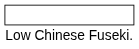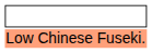 <table style="margin:1em;">
 <tr>
 <td style="border: solid thin; padding: 2px;"><br></td>
 </tr>
 <tr>
-<td style="text-align:center">Low Chinese Fuseki.</td>
+<td style="background: lightsalmon; text-align:center">Low Chinese Fuseki.</td>
 </tr>
 </table>
